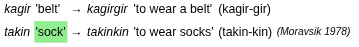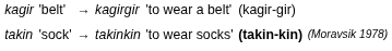 <table style="line-height: 1.4em;" cellpadding="2">
 <tr>
 <td> </td>
 <td> </td>
 <td><em>kagir</em></td>
 <td>'belt'</td>
 <td>→</td>
 <td><em>kagirgir</em></td>
 <td>'to wear a belt'</td>
 <td>(kagir-gir)</td>
 </tr>
 <tr>
 <td> </td>
 <td> </td>
 <td><em>takin</em></td>
-<td style="background: lightgreen;">'sock'</td>
+<td>'sock'</td>
 <td>→</td>
 <td><em>takinkin</em></td>
 <td>'to wear socks'</td>
-<td>(takin-kin)</td>
+<td><strong>(takin-kin)</strong></td>
 <td><small><cite>(Moravsik 1978)</cite></small></td>
 </tr>
 </table>
